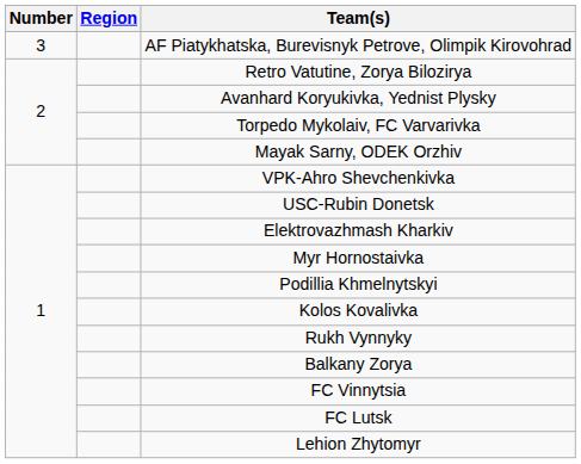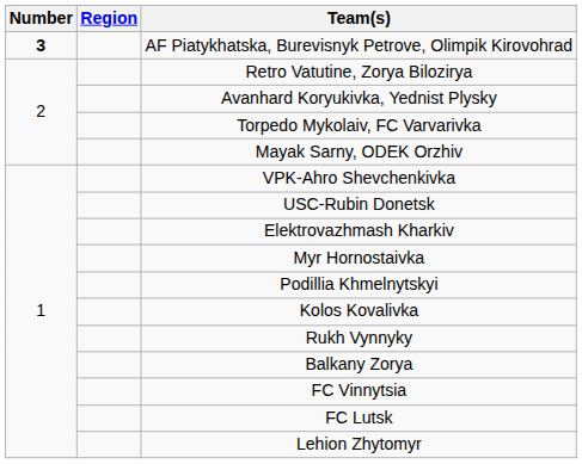 <table class="wikitable" style="text-align:center">
 <tr>
 <th>Number</th>
 <th><a href='#'>Region</a></th>
 <th>Team(s)</th>
 </tr>
 <tr>
-<td rowspan="1">3</td>
+<td rowspan="1"><strong>3</strong></td>
 <td align="left"></td>
 <td>AF Piatykhatska, Burevisnyk Petrove, Olimpik Kirovohrad</td>
 </tr>
 <tr>
 <td rowspan="4">2</td>
 <td align="left"></td>
 <td>Retro Vatutine, Zorya Bilozirya</td>
 </tr>
 <tr>
 <td align="left"></td>
 <td>Avanhard Koryukivka, Yednist Plysky</td>
 </tr>
 <tr>
 <td align="left"></td>
 <td>Torpedo Mykolaiv, FC Varvarivka</td>
 </tr>
 <tr>
 <td align="left"></td>
 <td>Mayak Sarny, ODEK Orzhiv</td>
 </tr>
 <tr>
 <td rowspan="13">1</td>
 <td align="left"></td>
 <td>VPK-Ahro Shevchenkivka</td>
 </tr>
 <tr>
 <td align="left"></td>
 <td>USC-Rubin Donetsk</td>
 </tr>
 <tr>
 <td align="left"></td>
 <td>Elektrovazhmash Kharkiv</td>
 </tr>
 <tr>
 <td align="left"></td>
 <td>Myr Hornostaivka</td>
 </tr>
 <tr>
 <td align="left"></td>
 <td>Podillia Khmelnytskyi</td>
 </tr>
 <tr>
 <td align="left"></td>
 <td>Kolos Kovalivka</td>
 </tr>
 <tr>
 <td align="left"></td>
 <td>Rukh Vynnyky</td>
 </tr>
 <tr>
 <td align="left"></td>
 <td>Balkany Zorya</td>
 </tr>
 <tr>
 <td align="left"></td>
 <td>FC Vinnytsia</td>
 </tr>
 <tr>
 <td align="left"></td>
 <td>FC Lutsk</td>
 </tr>
 <tr>
 <td align="left"></td>
 <td>Lehion Zhytomyr</td>
 </tr>
 </table>
